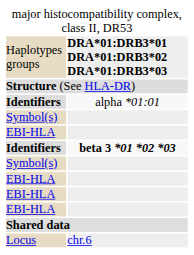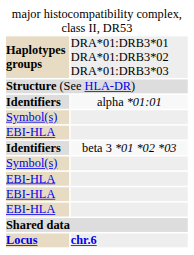 <table id="drugInfoBox" style="float: right; clear: right; margin: 0 0 0.5em 1em; background: #ffffff;" class="toccolours" border=0 cellpadding=0 align=right width="240px">
 <tr>
 <td align="center" colspan="3"></td>
 </tr>
 <tr>
 <td align="center" colspan="2"><div>major histocompatibility complex, class II, DR53</div></td>
 </tr>
 <tr>
-<td bgcolor="#e7dcc3">Haplotypes groups</td>
-<td bgcolor="#eeeeee"><strong>DRA*01:DRB3*01 DRA*01:DRB3*02 DRA*01:DRB3*03</strong></td>
+<td bgcolor="#e7dcc3"><strong>Haplotypes groups</strong></td>
+<td bgcolor="#eeeeee">DRA*01:DRB3*01 DRA*01:DRB3*02 DRA*01:DRB3*03</td>
 </tr>
 <tr>
 <td colspan="2" bgcolor="#dddddd"><strong>Structure</strong> (See <a href='#'>HLA-DR</a>)</td>
 </tr>
 <tr style="background:#f8f8f8">
 <td bgcolor="#dddddd"><strong>Identifiers</strong></td>
 <td align="center"><div>alpha <em>*01:01</em></div></td>
 </tr>
 <tr>
 <td bgcolor="#e7dcc3"><a href='#'>Symbol(s)</a></td>
 <td bgcolor="#eeeeee"></td>
 </tr>
 <tr>
 <td bgcolor="#e7dcc3"><a href='#'>EBI-HLA</a></td>
 <td bgcolor="#eeeeee"></td>
 </tr>
 <tr style="background:#f8f8f8">
 <td bgcolor="#dddddd"><strong>Identifiers</strong></td>
-<td align="center"><strong><div>beta 3 <em>*01</em> <em>*02</em> <em>*03</em></div></strong></td>
+<td align="center"><div>beta 3 <em>*01</em> <em>*02</em> <em>*03</em></div></td>
 </tr>
 <tr>
 <td bgcolor="#e7dcc3"><a href='#'>Symbol(s)</a></td>
 <td bgcolor="#eeeeee"></td>
 </tr>
 <tr>
 <td bgcolor="#e7dcc3"><a href='#'>EBI-HLA</a></td>
 <td bgcolor="#eeeeee"></td>
 </tr>
 <tr>
 <td bgcolor="#e7dcc3"><a href='#'>EBI-HLA</a></td>
 <td bgcolor="#eeeeee"></td>
 </tr>
 <tr>
 <td bgcolor="#e7dcc3"><a href='#'>EBI-HLA</a></td>
 <td bgcolor="#eeeeee"> </td>
 </tr>
 <tr>
 <td colspan="2" bgcolor="#dddddd"><strong>Shared data</strong></td>
 </tr>
 <tr>
-<td bgcolor="#e7dcc3"><a href='#'>Locus</a></td>
-<td bgcolor="#eeeeee"><a href='#'>chr.6</a> <em></em></td>
+<td bgcolor="#e7dcc3"><strong><a href='#'>Locus</a></strong></td>
+<td bgcolor="#eeeeee"><strong><a href='#'>chr.6</a> <em></em></strong></td>
 </tr>
 <tr>
 </tr>
 </table>
